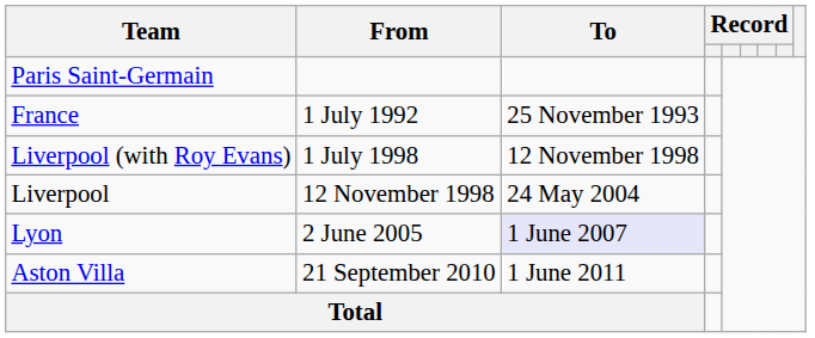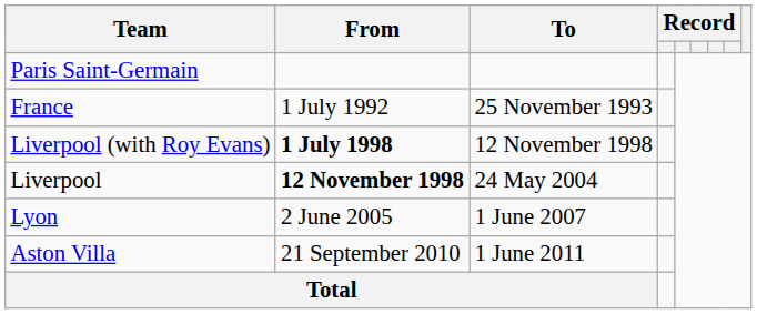 <table class=wikitable style="text-align: center">
 <tr>
 <th rowspan=2>Team</th>
 <th rowspan=2>From</th>
 <th rowspan=2>To</th>
 <th colspan=5>Record</th>
 <th rowspan=2></th>
 </tr>
 <tr>
 <th></th>
 <th></th>
 <th></th>
 <th></th>
 <th></th>
 </tr>
 <tr>
 <td align=left><a href='#'>Paris Saint-Germain</a></td>
 <td align=left></td>
 <td align=left><br></td>
 <td></td>
 </tr>
 <tr>
 <td align=left><a href='#'>France</a></td>
 <td align=left>1 July 1992</td>
 <td align=left>25 November 1993<br></td>
 <td></td>
 </tr>
 <tr>
 <td align=left><a href='#'>Liverpool</a> (with <a href='#'>Roy Evans</a>)</td>
-<td align=left>1 July 1998</td>
+<td align=left><strong>1 July 1998</strong></td>
 <td align=left>12 November 1998<br></td>
 <td></td>
 </tr>
 <tr>
 <td align=left>Liverpool</td>
-<td align=left>12 November 1998</td>
+<td align=left><strong>12 November 1998</strong></td>
 <td align=left>24 May 2004<br></td>
 <td></td>
 </tr>
 <tr>
 <td align=left><a href='#'>Lyon</a></td>
 <td align=left>2 June 2005</td>
-<td align=left style="background: lavender;">1 June 2007<br></td>
+<td align=left>1 June 2007<br></td>
 <td></td>
 </tr>
 <tr>
 <td align=left><a href='#'>Aston Villa</a></td>
 <td align=left>21 September 2010</td>
 <td align=left>1 June 2011<br></td>
 <td></td>
 </tr>
 <tr>
 <th colspan="3">Total<br></th>
 <td></td>
 </tr>
 </table>
